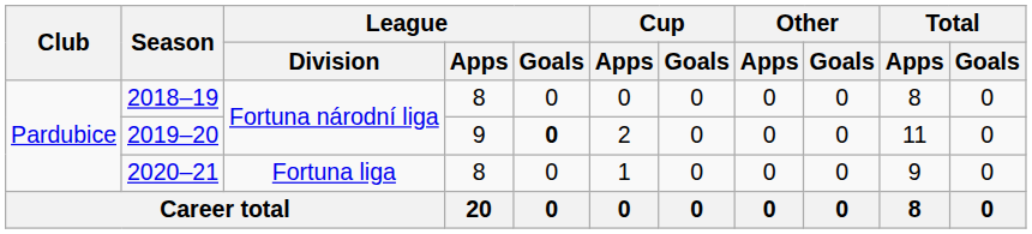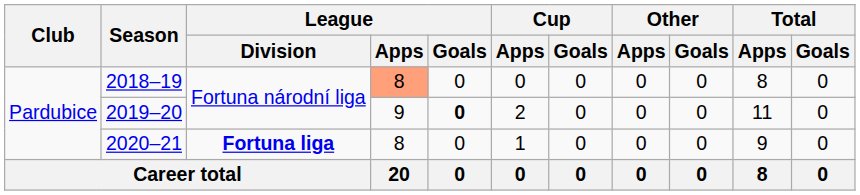 <table class="wikitable" style="text-align: center">
 <tr>
 <th rowspan="2">Club</th>
 <th rowspan="2">Season</th>
 <th colspan="3">League</th>
 <th colspan="2">Cup</th>
 <th colspan="2">Other</th>
 <th colspan="2">Total</th>
 </tr>
 <tr>
 <th>Division</th>
 <th>Apps</th>
 <th>Goals</th>
 <th>Apps</th>
 <th>Goals</th>
 <th>Apps</th>
 <th>Goals</th>
 <th>Apps</th>
 <th>Goals</th>
 </tr>
 <tr>
 <td rowspan="3"><a href='#'>Pardubice</a></td>
 <td><a href='#'>2018–19</a></td>
 <td rowspan="2"><a href='#'>Fortuna národní liga</a></td>
-<td>8</td>
+<td style="background: lightsalmon;">8</td>
 <td>0</td>
 <td>0</td>
 <td>0</td>
 <td>0</td>
 <td>0</td>
 <td>8</td>
 <td>0</td>
 </tr>
 <tr>
 <td><a href='#'>2019–20</a></td>
 <td>9</td>
 <td><strong>0</strong></td>
 <td>2</td>
 <td>0</td>
 <td>0</td>
 <td>0</td>
 <td>11</td>
 <td>0</td>
 </tr>
 <tr>
 <td><a href='#'>2020–21</a></td>
-<td rowspan="1"><a href='#'>Fortuna liga</a></td>
+<td rowspan="1"><strong><a href='#'>Fortuna liga</a></strong></td>
 <td>8</td>
 <td>0</td>
 <td>1</td>
 <td>0</td>
 <td>0</td>
 <td>0</td>
 <td>9</td>
 <td>0</td>
 </tr>
 <tr>
 <th colspan="3"><strong>Career total</strong></th>
 <th>20</th>
 <th>0</th>
 <th>0</th>
 <th>0</th>
 <th>0</th>
 <th>0</th>
 <th>8</th>
 <th>0</th>
 </tr>
 </table>
